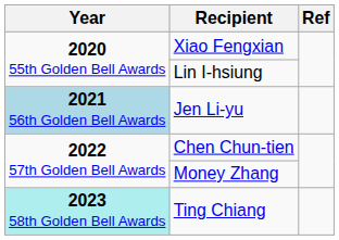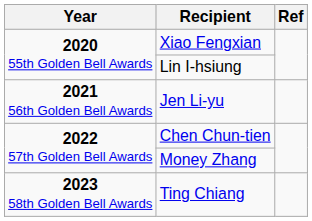 <table class="wikitable sortable">
 <tr style="background:#bebebe;">
 <th>Year</th>
 <th>Recipient</th>
 <th>Ref</th>
 </tr>
 <tr>
 <td rowspan=2 style="text-align:center"><strong>2020</strong> <br> <small><a href='#'>55th Golden Bell Awards</a></small></td>
 <td><a href='#'>Xiao Fengxian</a></td>
 <td rowspan=2></td>
 </tr>
 <tr>
 <td>Lin I-hsiung</td>
 </tr>
 <tr>
-<td style="background: lightblue; text-align:center"><strong>2021</strong> <br> <small><a href='#'>56th Golden Bell Awards</a></small></td>
+<td style="text-align:center"><strong>2021</strong> <br> <small><a href='#'>56th Golden Bell Awards</a></small></td>
 <td><a href='#'>Jen Li-yu</a></td>
 <td></td>
 </tr>
 <tr>
 <td rowspan=2 style="text-align:center"><strong>2022</strong> <br> <small><a href='#'>57th Golden Bell Awards</a></small></td>
 <td><a href='#'>Chen Chun-tien</a></td>
 <td rowspan=2></td>
 </tr>
 <tr>
 <td><a href='#'>Money Zhang</a></td>
 </tr>
 <tr>
-<td rowspan=1 style="background: paleturquoise; text-align:center"><strong>2023</strong> <br> <small><a href='#'>58th Golden Bell Awards</a></small></td>
+<td rowspan=1 style="text-align:center"><strong>2023</strong> <br> <small><a href='#'>58th Golden Bell Awards</a></small></td>
 <td><a href='#'>Ting Chiang</a></td>
 <td rowspan=1></td>
 </tr>
 </table>
